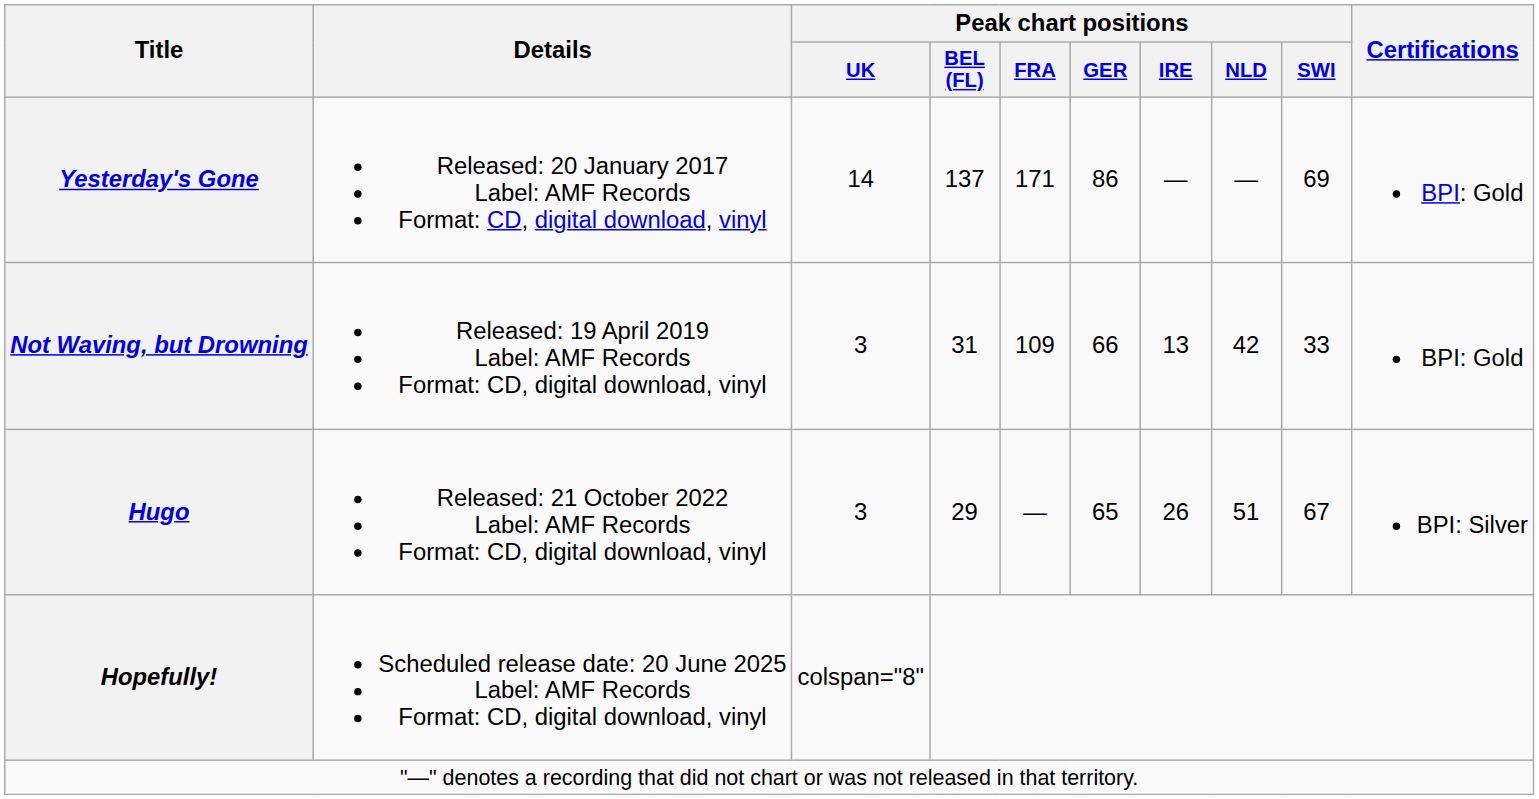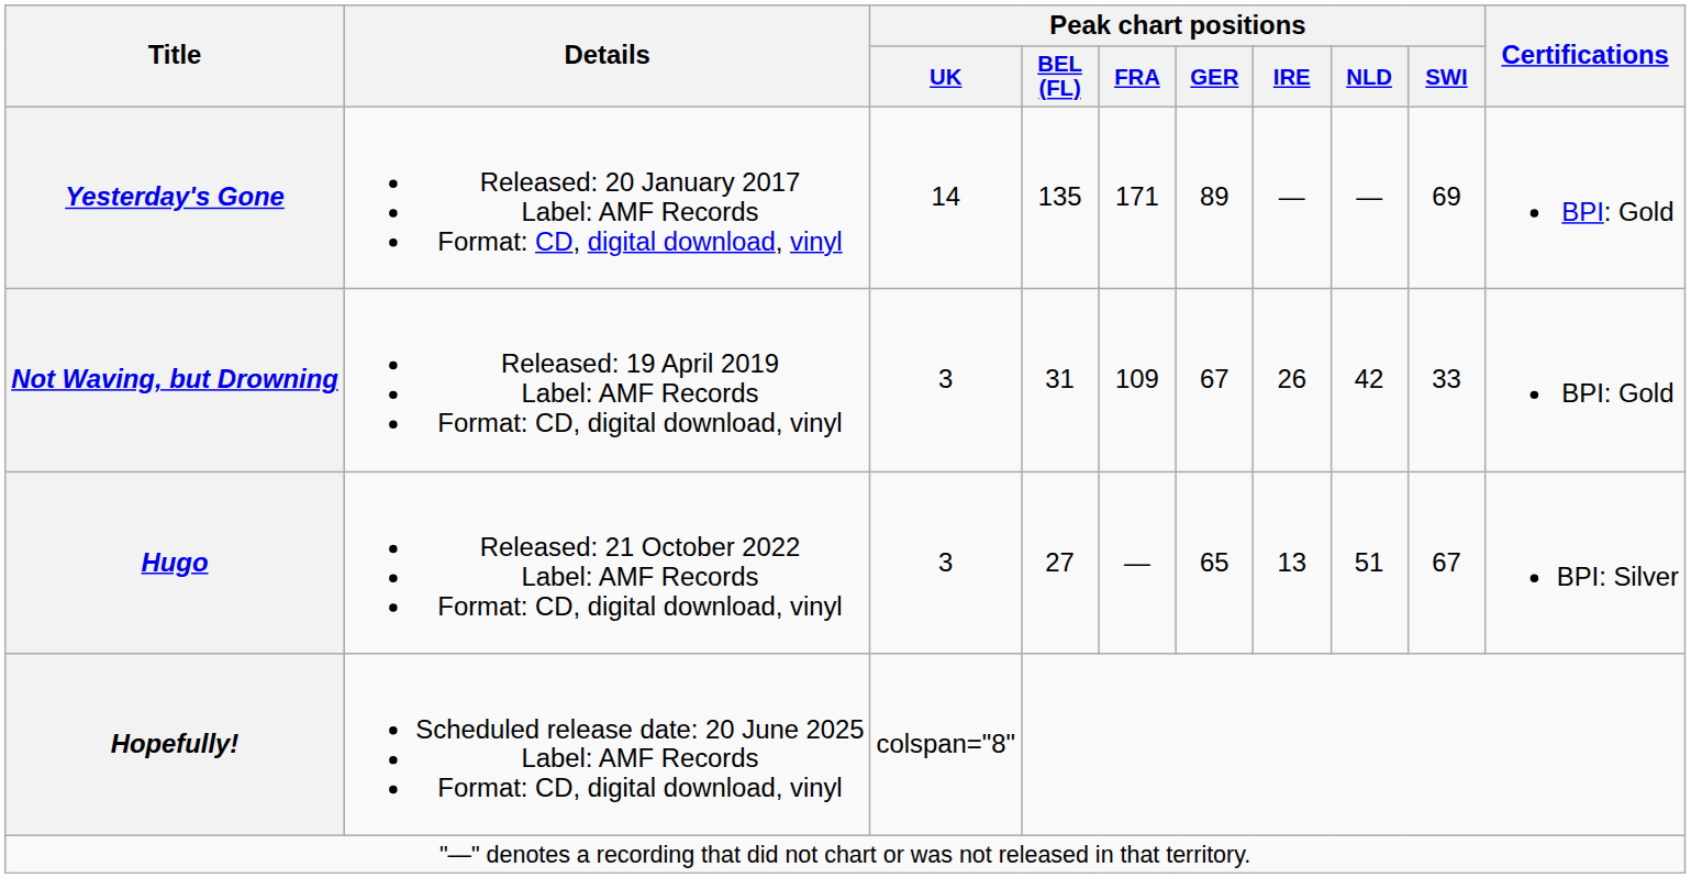 <table class="wikitable plainrowheaders" style="text-align:center;">
 <tr>
 <th scope="col" rowspan="2">Title</th>
 <th scope="col" rowspan="2">Details</th>
 <th scope="col" colspan="7">Peak chart positions</th>
 <th scope="col" rowspan="2"><a href='#'>Certifications</a></th>
 </tr>
 <tr>
 <th scope="col" style="width:3em;font-size:85%;"><a href='#'>UK</a><br></th>
 <th scope="col" style="width:3em;font-size:85%;"><a href='#'>BEL (FL)</a><br></th>
 <th scope="col" style="width:3em;font-size:85%;"><a href='#'>FRA</a><br></th>
 <th scope="col" style="width:3em;font-size:85%;"><a href='#'>GER</a><br></th>
 <th scope="col" style="width:3em;font-size:85%;"><a href='#'>IRE</a><br></th>
 <th scope="col" style="width:3em;font-size:85%;"><a href='#'>NLD</a><br></th>
 <th scope="col" style="width:3em;font-size:85%;"><a href='#'>SWI</a><br></th>
 </tr>
 <tr>
 <th scope="row"><em><a href='#'>Yesterday's Gone</a></em></th>
 <td><br><ul><li>Released: 20 January 2017</li><li>Label: AMF Records</li><li>Format: <a href='#'>CD</a>, <a href='#'>digital download</a>, <a href='#'>vinyl</a></li></ul></td>
 <td>14</td>
-<td>137</td>
+<td>135</td>
 <td>171</td>
-<td>86</td>
+<td>89</td>
 <td>—</td>
 <td>—</td>
 <td>69</td>
 <td><br><ul><li><a href='#'>BPI</a>: Gold</li></ul></td>
 </tr>
 <tr>
 <th scope="row"><em><a href='#'>Not Waving, but Drowning</a></em></th>
 <td><br><ul><li>Released: 19 April 2019</li><li>Label: AMF Records</li><li>Format: CD, digital download, vinyl</li></ul></td>
 <td>3</td>
 <td>31</td>
 <td>109</td>
-<td>66</td>
-<td>13</td>
+<td>67</td>
+<td>26</td>
 <td>42</td>
 <td>33</td>
 <td><br><ul><li>BPI: Gold</li></ul></td>
 </tr>
 <tr>
 <th scope="row"><em><a href='#'>Hugo</a></em></th>
 <td><br><ul><li>Released: 21 October 2022</li><li>Label: AMF Records</li><li>Format: CD, digital download, vinyl</li></ul></td>
 <td>3</td>
-<td>29</td>
+<td>27</td>
 <td>—</td>
 <td>65</td>
-<td>26</td>
+<td>13</td>
 <td>51</td>
 <td>67</td>
 <td><br><ul><li>BPI: Silver</li></ul></td>
 </tr>
 <tr>
 <th scope="row"><em>Hopefully!</em></th>
 <td><br><ul><li>Scheduled release date: 20 June 2025</li><li>Label: AMF Records</li><li>Format: CD, digital download, vinyl</li></ul></td>
 <td>colspan="8" </td>
 </tr>
 <tr>
 <td colspan="10" style="font-size:90%">"—" denotes a recording that did not chart or was not released in that territory.</td>
 </tr>
 </table>
